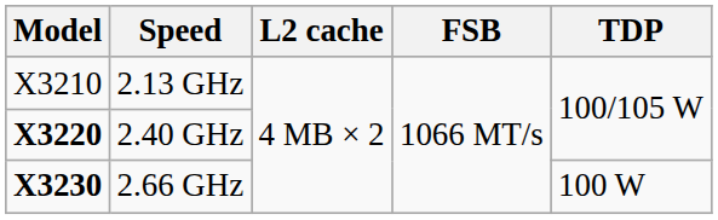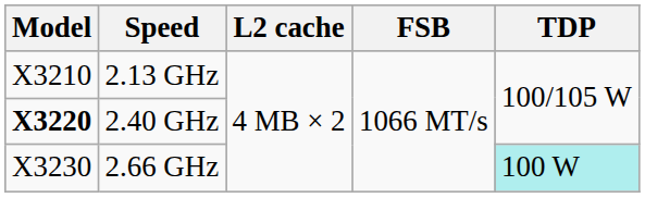 <table class="wikitable sortable">
 <tr>
 <th scope="col">Model</th>
 <th scope="col">Speed</th>
 <th scope="col">L2 cache</th>
 <th scope="col">FSB</th>
 <th scope="col">TDP</th>
 </tr>
 <tr>
 <td>X3210</td>
 <td>2.13 GHz</td>
 <td rowspan="3">4 MB × 2</td>
 <td rowspan="3">1066 MT/s</td>
 <td rowspan="2">100/105 W</td>
 </tr>
 <tr>
 <td><strong>X3220</strong></td>
 <td>2.40 GHz</td>
 </tr>
 <tr>
-<td><strong>X3230</strong></td>
+<td>X3230</td>
 <td>2.66 GHz</td>
-<td>100 W</td>
+<td style="background: paleturquoise;">100 W</td>
 </tr>
 </table>
